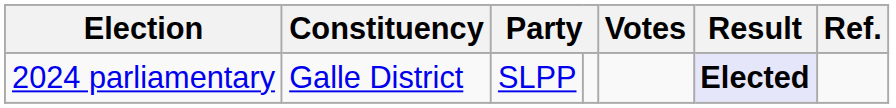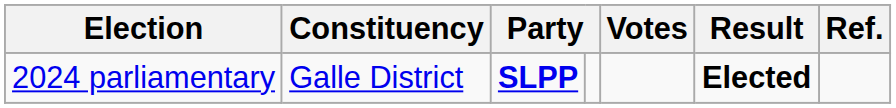 <table class="wikitable" style="text-align:left;">
 <tr>
 <th scope=col>Election</th>
 <th scope=col>Constituency</th>
 <th scope=col colspan="2">Party</th>
 <th scope=col>Votes</th>
 <th scope=col>Result</th>
 <th scope=col>Ref.</th>
 </tr>
 <tr>
 <td><a href='#'>2024 parliamentary</a></td>
 <td><a href='#'>Galle District</a></td>
-<td><a href='#'>SLPP</a></td>
+<td><strong><a href='#'>SLPP</a></strong></td>
 <td rowspan="8" style="background:"></td>
 <td align=right></td>
-<td style="background: lavender;"><strong>Elected</strong></td>
+<td><strong>Elected</strong></td>
 <td></td>
 </tr>
 </table>
